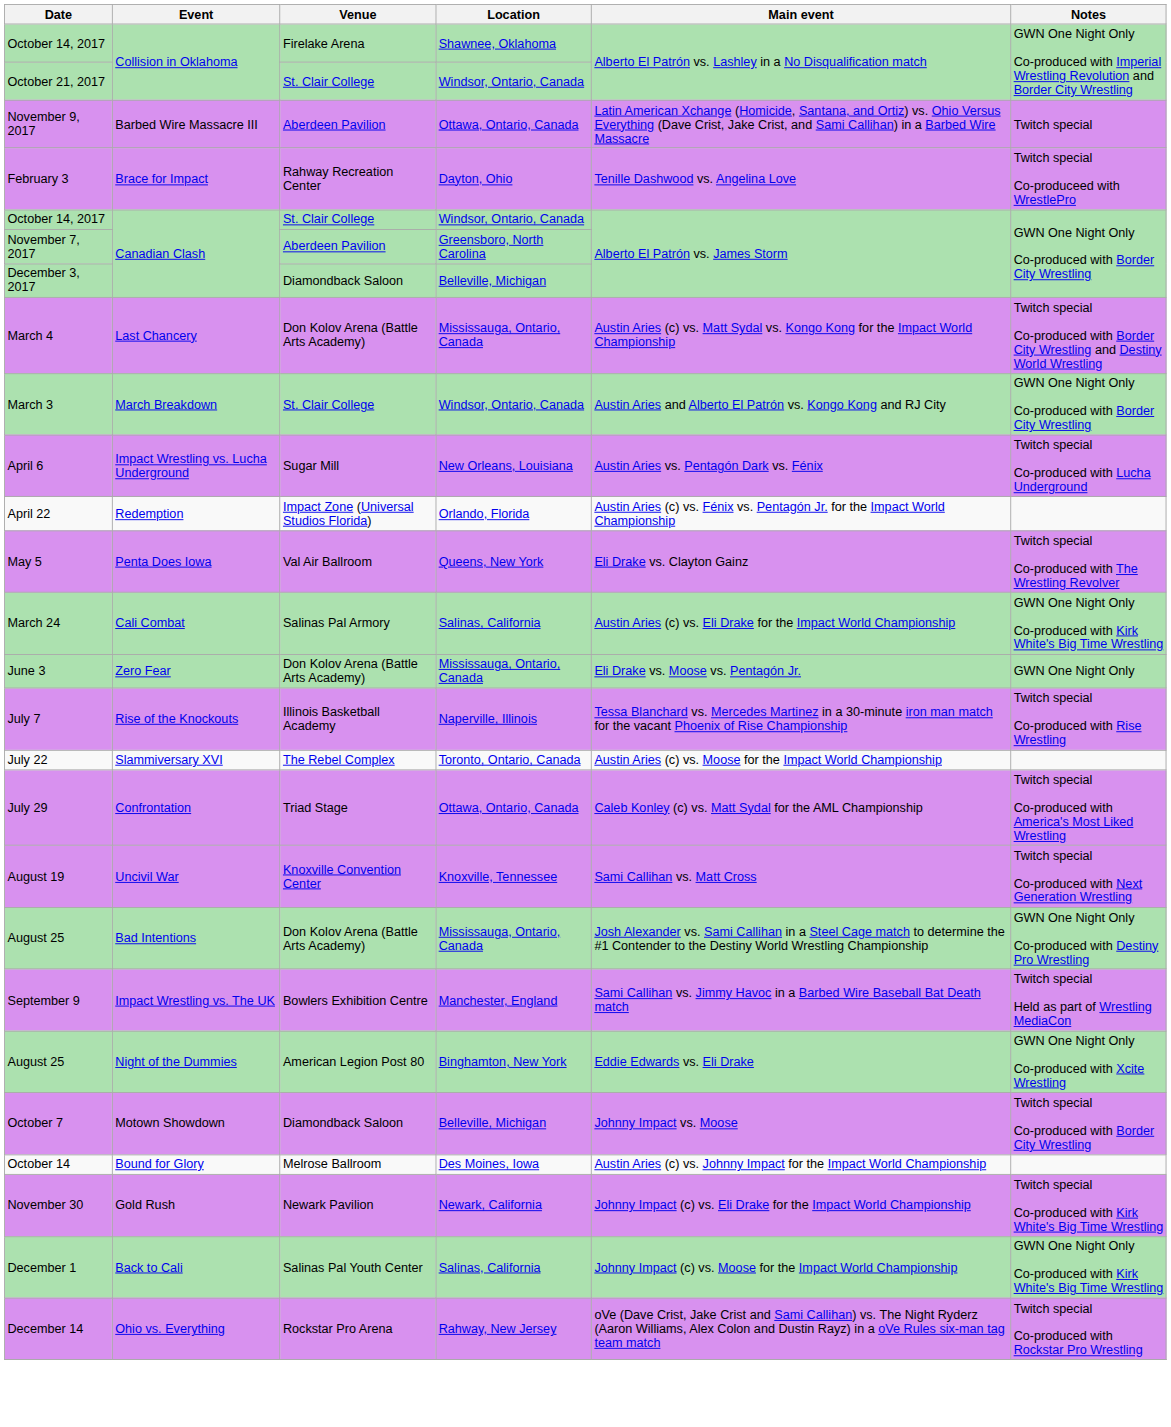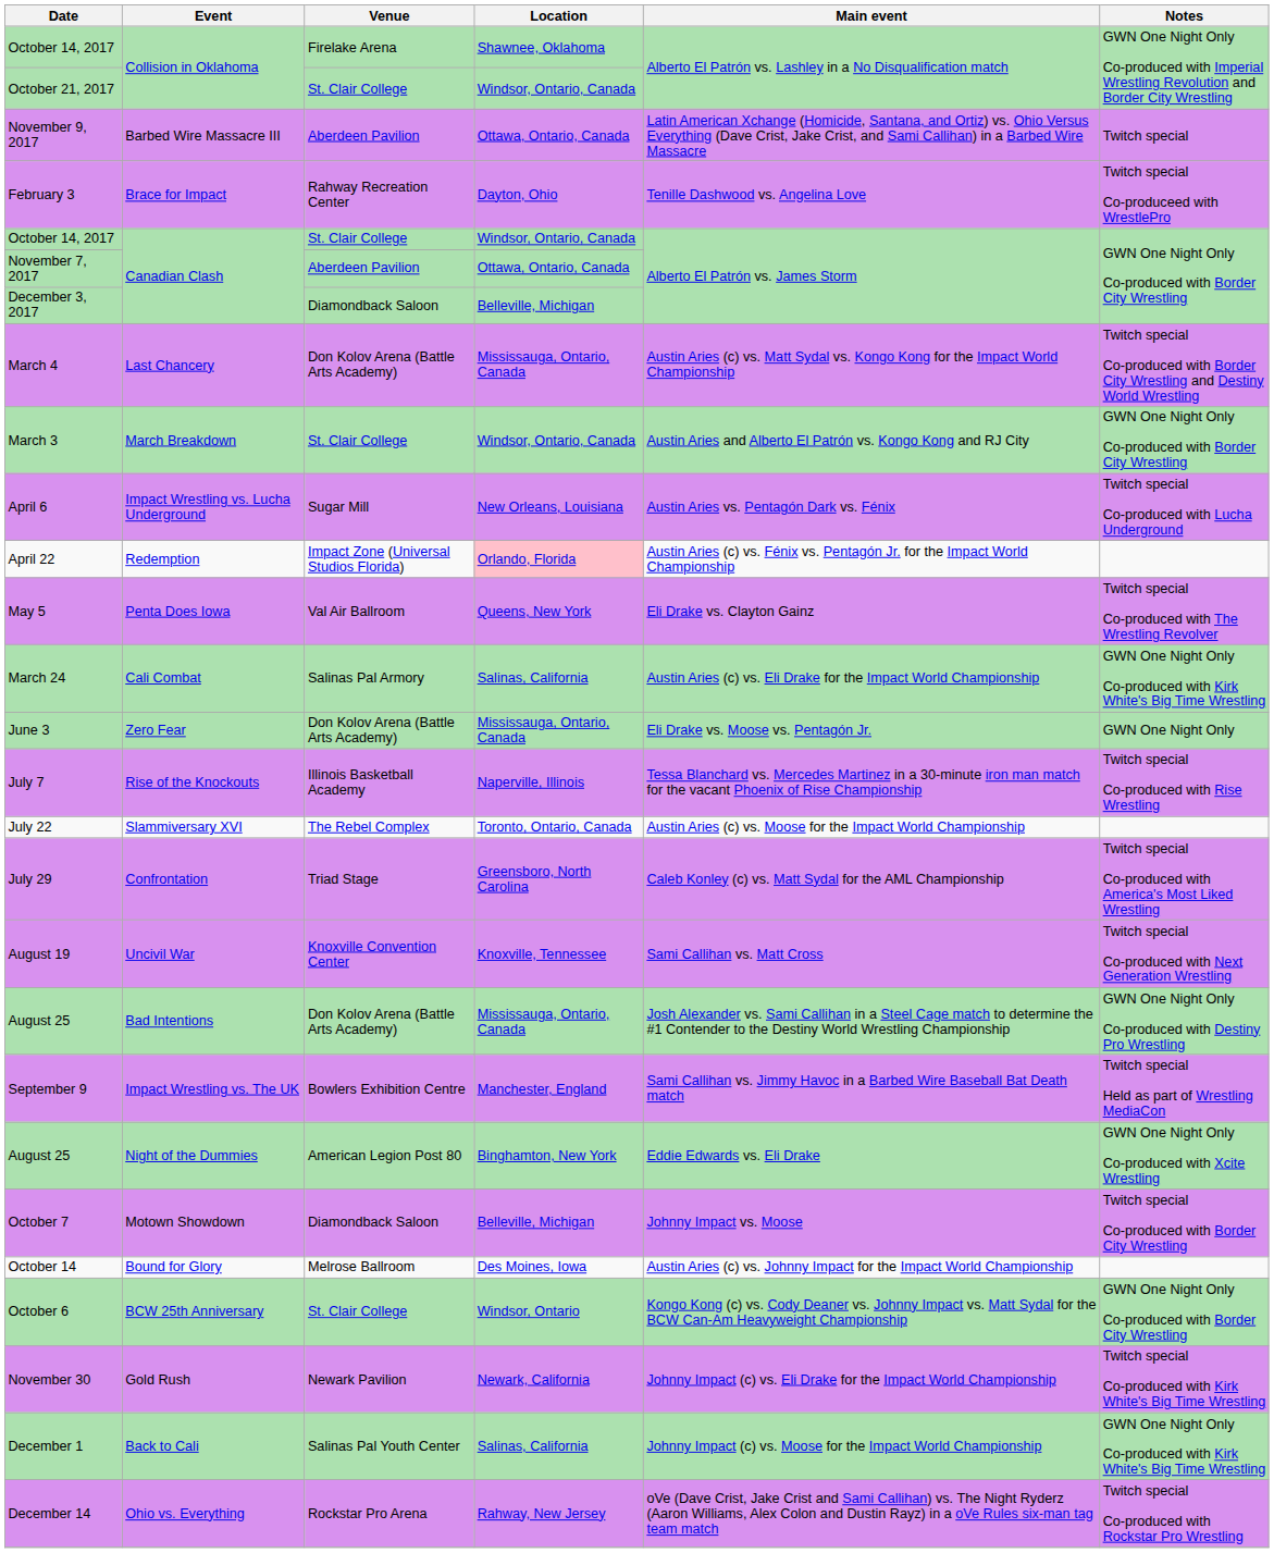 <table class="sortable wikitable succession-box" style="font-size:85%;">
 <tr>
 <th width=9%>Date</th>
 <th width=14%>Event</th>
 <th width=13%>Venue</th>
 <th width=13%>Location</th>
 <th width=35%>Main event</th>
 <th width=13%>Notes</th>
 </tr>
 <tr style="background: #ACE1AF">
 <td>October 14, 2017<br></td>
 <td rowspan="2"><a href='#'>Collision in Oklahoma</a></td>
 <td>Firelake Arena</td>
 <td><a href='#'>Shawnee, Oklahoma</a></td>
 <td rowspan="2"><a href='#'>Alberto El Patrón</a> vs. <a href='#'>Lashley</a> in a <a href='#'>No Disqualification match</a></td>
 <td rowspan="2">GWN One Night Only<br><br>Co-produced with <a href='#'>Imperial Wrestling Revolution</a> and <a href='#'>Border City Wrestling</a></td>
 </tr>
 <tr style="background: #ACE1AF">
 <td>October 21, 2017<br></td>
 <td><a href='#'>St. Clair College</a></td>
 <td><a href='#'>Windsor, Ontario, Canada</a></td>
 </tr>
 <tr style="background: #D891EF">
 <td>November 9, 2017<br></td>
 <td>Barbed Wire Massacre III</td>
 <td><a href='#'>Aberdeen Pavilion</a></td>
 <td><a href='#'>Ottawa, Ontario, Canada</a></td>
 <td><a href='#'>Latin American Xchange</a> (<a href='#'>Homicide</a>, <a href='#'>Santana, and Ortiz</a>) vs. <a href='#'>Ohio Versus Everything</a> (Dave Crist, Jake Crist, and <a href='#'>Sami Callihan</a>) in a <a href='#'>Barbed Wire Massacre</a></td>
 <td>Twitch special</td>
 </tr>
 <tr style="background: #D891EF">
 <td>February 3<br></td>
 <td><a href='#'>Brace for Impact</a></td>
 <td>Rahway Recreation Center</td>
 <td><a href='#'>Dayton, Ohio</a></td>
 <td><a href='#'>Tenille Dashwood</a> vs. <a href='#'>Angelina Love</a></td>
 <td>Twitch special<br><br>Co-produceed with <a href='#'>WrestlePro</a></td>
 </tr>
 <tr style="background: #ACE1AF">
 <td>October 14, 2017<br></td>
 <td rowspan="3"><a href='#'>Canadian Clash</a></td>
 <td><a href='#'>St. Clair College</a></td>
 <td><a href='#'>Windsor, Ontario, Canada</a></td>
 <td rowspan="3"><a href='#'>Alberto El Patrón</a> vs. <a href='#'>James Storm</a></td>
 <td rowspan="3">GWN One Night Only<br><br>Co-produced with <a href='#'>Border City Wrestling</a></td>
 </tr>
 <tr style="background: #ACE1AF">
 <td>November 7, 2017<br></td>
 <td><a href='#'>Aberdeen Pavilion</a></td>
-<td><a href='#'>Greensboro, North Carolina</a></td>
+<td><a href='#'>Ottawa, Ontario, Canada</a></td>
 </tr>
 <tr style="background: #ACE1AF">
 <td>December 3, 2017<br></td>
 <td>Diamondback Saloon</td>
 <td><a href='#'>Belleville, Michigan</a></td>
 </tr>
 <tr style="background: #D891EF">
 <td>March 4<br></td>
 <td><a href='#'>Last Chancery</a></td>
 <td>Don Kolov Arena (Battle Arts Academy)</td>
 <td><a href='#'>Mississauga, Ontario, Canada</a></td>
 <td><a href='#'>Austin Aries</a> (c) vs. <a href='#'>Matt Sydal</a> vs. <a href='#'>Kongo Kong</a> for the <a href='#'>Impact World Championship</a></td>
 <td>Twitch special<br><br>Co-produced with <a href='#'>Border City Wrestling</a> and <a href='#'>Destiny World Wrestling</a></td>
 </tr>
 <tr style="background: #ACE1AF">
 <td>March 3<br></td>
 <td><a href='#'>March Breakdown</a></td>
 <td><a href='#'>St. Clair College</a></td>
 <td><a href='#'>Windsor, Ontario, Canada</a></td>
 <td><a href='#'>Austin Aries</a> and <a href='#'>Alberto El Patrón</a> vs. <a href='#'>Kongo Kong</a> and RJ City</td>
 <td>GWN One Night Only<br><br>Co-produced with <a href='#'>Border City Wrestling</a></td>
 </tr>
 <tr style="background: #D891EF">
 <td>April 6</td>
 <td><a href='#'>Impact Wrestling vs. Lucha Underground</a></td>
 <td>Sugar Mill</td>
 <td><a href='#'>New Orleans, Louisiana</a></td>
 <td><a href='#'>Austin Aries</a> vs. <a href='#'>Pentagón Dark</a> vs. <a href='#'>Fénix</a></td>
 <td>Twitch special<br><br>Co-produced with <a href='#'>Lucha Underground</a></td>
 </tr>
 <tr>
 <td>April 22</td>
 <td><a href='#'>Redemption</a></td>
 <td><a href='#'>Impact Zone</a> (<a href='#'>Universal Studios Florida</a>)</td>
-<td><a href='#'>Orlando, Florida</a></td>
+<td style="background: pink;"><a href='#'>Orlando, Florida</a></td>
 <td><a href='#'>Austin Aries</a> (c) vs. <a href='#'>Fénix</a> vs. <a href='#'>Pentagón Jr.</a> for the <a href='#'>Impact World Championship</a></td>
 <td></td>
 </tr>
 <tr style="background: #D891EF">
 <td>May 5</td>
 <td><a href='#'>Penta Does Iowa</a></td>
 <td>Val Air Ballroom</td>
 <td><a href='#'>Queens, New York</a></td>
 <td><a href='#'>Eli Drake</a> vs. Clayton Gainz</td>
 <td>Twitch special<br><br>Co-produced with <a href='#'>The Wrestling Revolver</a></td>
 </tr>
 <tr style="background: #ACE1AF">
 <td>March 24<br></td>
 <td><a href='#'>Cali Combat</a></td>
 <td>Salinas Pal Armory</td>
 <td><a href='#'>Salinas, California</a></td>
 <td><a href='#'>Austin Aries</a> (c) vs. <a href='#'>Eli Drake</a> for the <a href='#'>Impact World Championship</a></td>
 <td>GWN One Night Only<br><br>Co-produced with <a href='#'>Kirk White's Big Time Wrestling</a></td>
 </tr>
 <tr style="background: #ACE1AF">
 <td>June 3<br></td>
 <td><a href='#'>Zero Fear</a></td>
 <td>Don Kolov Arena (Battle Arts Academy)</td>
 <td><a href='#'>Mississauga, Ontario, Canada</a></td>
 <td><a href='#'>Eli Drake</a> vs. <a href='#'>Moose</a> vs. <a href='#'>Pentagón Jr.</a></td>
 <td>GWN One Night Only</td>
 </tr>
 <tr style="background: #D891EF">
 <td>July 7</td>
 <td><a href='#'>Rise of the Knockouts</a></td>
 <td>Illinois Basketball Academy</td>
 <td><a href='#'>Naperville, Illinois</a></td>
 <td><a href='#'>Tessa Blanchard</a> vs. <a href='#'>Mercedes Martinez</a> in a 30-minute <a href='#'>iron man match</a> for the vacant <a href='#'>Phoenix of Rise Championship</a></td>
 <td>Twitch special<br><br>Co-produced with <a href='#'>Rise Wrestling</a></td>
 </tr>
 <tr>
 <td>July 22</td>
 <td><a href='#'>Slammiversary XVI</a></td>
 <td><a href='#'>The Rebel Complex</a></td>
 <td><a href='#'>Toronto, Ontario, Canada</a></td>
 <td><a href='#'>Austin Aries</a> (c) vs. <a href='#'>Moose</a> for the <a href='#'>Impact World Championship</a></td>
 <td></td>
 </tr>
 <tr style="background: #D891EF">
 <td>July 29</td>
 <td><a href='#'>Confrontation</a></td>
 <td>Triad Stage</td>
-<td><a href='#'>Ottawa, Ontario, Canada</a></td>
+<td><a href='#'>Greensboro, North Carolina</a></td>
 <td><a href='#'>Caleb Konley</a> (c) vs. <a href='#'>Matt Sydal</a> for the AML Championship</td>
 <td>Twitch special<br><br>Co-produced with <a href='#'>America's Most Liked Wrestling</a></td>
 </tr>
 <tr style="background: #D891EF">
 <td>August 19</td>
 <td><a href='#'>Uncivil War</a></td>
 <td><a href='#'>Knoxville Convention Center</a></td>
 <td><a href='#'>Knoxville, Tennessee</a></td>
 <td><a href='#'>Sami Callihan</a> vs. <a href='#'>Matt Cross</a></td>
 <td>Twitch special<br><br>Co-produced with <a href='#'>Next Generation Wrestling</a></td>
 </tr>
 <tr style="background: #ACE1AF">
 <td>August 25<br></td>
 <td><a href='#'>Bad Intentions</a></td>
 <td>Don Kolov Arena (Battle Arts Academy)</td>
 <td><a href='#'>Mississauga, Ontario, Canada</a></td>
 <td><a href='#'>Josh Alexander</a> vs. <a href='#'>Sami Callihan</a> in a <a href='#'>Steel Cage match</a> to determine the #1 Contender to the Destiny World Wrestling Championship</td>
 <td>GWN One Night Only<br><br>Co-produced with <a href='#'>Destiny Pro Wrestling</a></td>
 </tr>
 <tr style="background: #D891EF">
 <td>September 9</td>
 <td><a href='#'>Impact Wrestling vs. The UK</a></td>
 <td>Bowlers Exhibition Centre</td>
 <td><a href='#'>Manchester, England</a></td>
 <td><a href='#'>Sami Callihan</a> vs. <a href='#'>Jimmy Havoc</a> in a <a href='#'>Barbed Wire Baseball Bat Death match</a></td>
 <td>Twitch special<br><br>Held as part of <a href='#'>Wrestling MediaCon</a></td>
 </tr>
 <tr style="background: #ACE1AF">
 <td>August 25<br></td>
 <td><a href='#'>Night of the Dummies</a></td>
 <td>American Legion Post 80</td>
 <td><a href='#'>Binghamton, New York</a></td>
 <td><a href='#'>Eddie Edwards</a> vs. <a href='#'>Eli Drake</a></td>
 <td>GWN One Night Only<br><br>Co-produced with <a href='#'>Xcite Wrestling</a></td>
 </tr>
 <tr style="background: #D891EF">
 <td>October 7</td>
 <td>Motown Showdown</td>
 <td>Diamondback Saloon</td>
 <td><a href='#'>Belleville, Michigan</a></td>
 <td><a href='#'>Johnny Impact</a> vs. <a href='#'>Moose</a></td>
 <td>Twitch special<br><br>Co-produced with <a href='#'>Border City Wrestling</a></td>
 </tr>
 <tr>
 <td>October 14</td>
 <td><a href='#'>Bound for Glory</a></td>
 <td>Melrose Ballroom</td>
 <td><a href='#'>Des Moines, Iowa</a></td>
 <td><a href='#'>Austin Aries</a> (c) vs. <a href='#'>Johnny Impact</a> for the <a href='#'>Impact World Championship</a></td>
 <td></td>
 </tr>
+<tr style="background:  #ACE1AF">
+<td>October 6<br></td>
+<td><a href='#'>BCW 25th Anniversary</a></td>
+<td><a href='#'>St. Clair College</a></td>
+<td><a href='#'>Windsor, Ontario</a></td>
+<td><a href='#'>Kongo Kong</a> (c) vs. <a href='#'>Cody Deaner</a> vs. <a href='#'>Johnny Impact</a> vs. <a href='#'>Matt Sydal</a> for the <a href='#'>BCW Can-Am Heavyweight Championship</a></td>
+<td>GWN One Night Only<br><br>Co-produced with <a href='#'>Border City Wrestling</a></td>
+</tr>
 <tr style="background: #D891EF">
 <td>November 30</td>
 <td>Gold Rush</td>
 <td>Newark Pavilion</td>
 <td><a href='#'>Newark, California</a></td>
 <td><a href='#'>Johnny Impact</a> (c) vs. <a href='#'>Eli Drake</a> for the <a href='#'>Impact World Championship</a></td>
 <td>Twitch special<br><br>Co-produced with <a href='#'>Kirk White's Big Time Wrestling</a></td>
 </tr>
 <tr style="background: #ACE1AF">
 <td>December 1<br></td>
 <td><a href='#'>Back to Cali</a></td>
 <td>Salinas Pal Youth Center</td>
 <td><a href='#'>Salinas, California</a></td>
 <td><a href='#'>Johnny Impact</a> (c) vs. <a href='#'>Moose</a> for the <a href='#'>Impact World Championship</a></td>
 <td>GWN One Night Only<br><br>Co-produced with <a href='#'>Kirk White's Big Time Wrestling</a></td>
 </tr>
 <tr style="background: #D891EF">
 <td>December 14</td>
 <td><a href='#'>Ohio vs. Everything</a></td>
 <td>Rockstar Pro Arena</td>
 <td><a href='#'>Rahway, New Jersey</a></td>
 <td>oVe (Dave Crist, Jake Crist and <a href='#'>Sami Callihan</a>) vs. The Night Ryderz (Aaron Williams, Alex Colon and Dustin Rayz) in a <a href='#'>oVe Rules six-man tag team match</a></td>
 <td>Twitch special<br><br>Co-produced with <a href='#'>Rockstar Pro Wrestling</a></td>
 </tr>
 <tr>
 </tr>
 </table>
